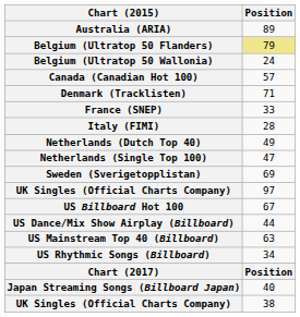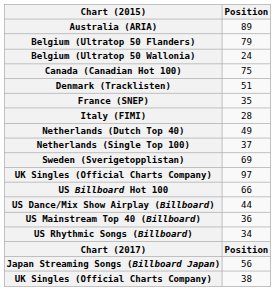 <table class="wikitable sortable plainrowheaders" style="text-align:center">
 <tr>
 <th scope="col">Chart (2015)</th>
 <th scope="col">Position</th>
 </tr>
 <tr>
 <th scope="row">Australia (ARIA)</th>
 <td>89</td>
 </tr>
 <tr>
 <th scope="row">Belgium (Ultratop 50 Flanders)</th>
-<td style="background: khaki;">79</td>
+<td>79</td>
 </tr>
 <tr>
 <th scope="row">Belgium (Ultratop 50 Wallonia)</th>
 <td>24</td>
 </tr>
 <tr>
 <th scope="row">Canada (Canadian Hot 100)</th>
-<td>57</td>
+<td>75</td>
 </tr>
 <tr>
 <th scope="row">Denmark (Tracklisten)</th>
-<td>71</td>
+<td>51</td>
 </tr>
 <tr>
 <th scope="row">France (SNEP)</th>
-<td>33</td>
+<td>35</td>
 </tr>
 <tr>
 <th scope="row">Italy (FIMI)</th>
 <td>28</td>
 </tr>
 <tr>
 <th scope="row">Netherlands (Dutch Top 40)</th>
 <td>49</td>
 </tr>
 <tr>
 <th scope="row">Netherlands (Single Top 100)</th>
-<td>47</td>
+<td>37</td>
 </tr>
 <tr>
 <th scope="row">Sweden (Sverigetopplistan)</th>
 <td>69</td>
 </tr>
 <tr>
 <th scope="row">UK Singles (Official Charts Company)</th>
 <td>97</td>
 </tr>
 <tr>
 <th scope="row">US <em>Billboard</em> Hot 100</th>
-<td>67</td>
+<td>66</td>
 </tr>
 <tr>
 <th scope="row">US Dance/Mix Show Airplay (<em>Billboard</em>)</th>
 <td>44</td>
 </tr>
 <tr>
 <th scope="row">US Mainstream Top 40 (<em>Billboard</em>)</th>
-<td>63</td>
+<td>36</td>
 </tr>
 <tr>
 <th scope="row">US Rhythmic Songs (<em>Billboard</em>)</th>
 <td>34</td>
 </tr>
 <tr>
 <th scope="col">Chart (2017)</th>
 <th scope="col">Position</th>
 </tr>
 <tr>
 <th scope="row">Japan Streaming Songs (<em>Billboard Japan</em>)</th>
-<td>40</td>
+<td>56</td>
 </tr>
 <tr>
 <th scope="row">UK Singles (Official Charts Company)</th>
 <td>38</td>
 </tr>
 </table>
